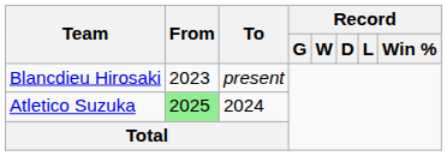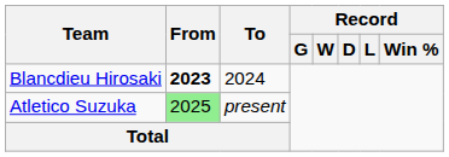 <table class="wikitable" style="text-align: center">
 <tr>
 <th rowspan="2">Team</th>
 <th rowspan="2">From</th>
 <th rowspan="2">To</th>
 <th colspan="5">Record</th>
 </tr>
 <tr>
 <th>G</th>
 <th>W</th>
 <th>D</th>
 <th>L</th>
 <th>Win %</th>
 </tr>
 <tr>
 <td align="left"><a href='#'>Blancdieu Hirosaki</a></td>
-<td align="left">2023</td>
-<td align="left"><em>present</em><br></td>
+<td align="left"><strong>2023</strong></td>
+<td align="left">2024<br></td>
 </tr>
 <tr>
 <td align="left"><a href='#'>Atletico Suzuka</a></td>
 <td align="left" style="background: lightgreen;">2025</td>
-<td align="left">2024<br></td>
+<td align="left"><em>present</em><br></td>
 </tr>
 <tr>
 <th colspan="3">Total<br></th>
 </tr>
 </table>
